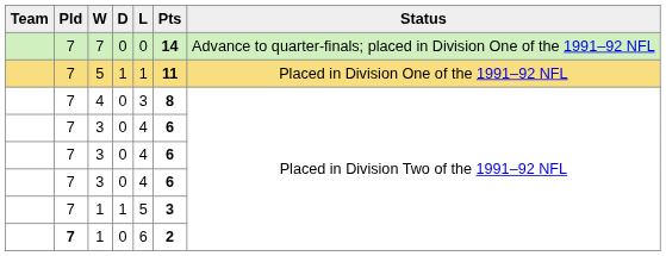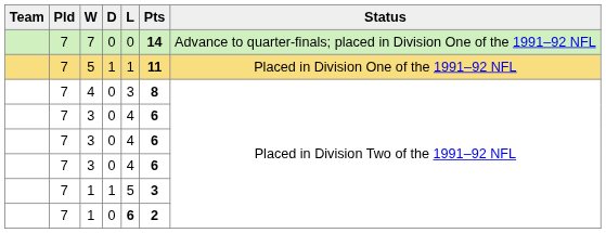 <table style=border-collapse:collapse border=1 cellspacing=0 cellpadding=5>
 <tr align=center bgcolor=#efefef>
 <th>Team</th>
 <th>Pld</th>
 <th>W</th>
 <th>D</th>
 <th>L</th>
 <th>Pts</th>
 <th>Status</th>
 </tr>
 <tr align=center style="background:#D0F0C0;">
 <td style="text-align:left;"> </td>
 <td>7</td>
 <td>7</td>
 <td>0</td>
 <td>0</td>
 <td><strong>14</strong></td>
 <td rowspan=1>Advance to quarter-finals; placed in Division One of the <a href='#'>1991–92 NFL</a></td>
 </tr>
 <tr align=center style="background:#F8DE7E;">
 <td style="text-align:left;"> </td>
 <td>7</td>
 <td>5</td>
 <td>1</td>
 <td>1</td>
 <td><strong>11</strong></td>
 <td rowspan=1>Placed in Division One of the <a href='#'>1991–92 NFL</a></td>
 </tr>
 <tr align=center style="background:#FFFFFF;">
 <td style="text-align:left;"> </td>
 <td>7</td>
 <td>4</td>
 <td>0</td>
 <td>3</td>
 <td><strong>8</strong></td>
 <td rowspan=6>Placed in Division Two of the <a href='#'>1991–92 NFL</a></td>
 </tr>
 <tr align=center style="background:#FFFFFF;">
 <td style="text-align:left;"> </td>
 <td>7</td>
 <td>3</td>
 <td>0</td>
 <td>4</td>
 <td><strong>6</strong></td>
 </tr>
 <tr align=center style="background:#FFFFFF;">
 <td style="text-align:left;"> </td>
 <td>7</td>
 <td>3</td>
 <td>0</td>
 <td>4</td>
 <td><strong>6</strong></td>
 </tr>
 <tr align=center style="background:#FFFFFF;">
 <td style="text-align:left;"> </td>
 <td>7</td>
 <td>3</td>
 <td>0</td>
 <td>4</td>
 <td><strong>6</strong></td>
 </tr>
 <tr align=center style="background:#FFFFFF;">
 <td style="text-align:left;"> </td>
 <td>7</td>
 <td>1</td>
 <td>1</td>
 <td>5</td>
 <td><strong>3</strong></td>
 </tr>
 <tr align=center style="background:#FFFFFF;">
 <td style="text-align:left;"> </td>
-<td><strong>7</strong></td>
+<td>7</td>
 <td>1</td>
 <td>0</td>
-<td>6</td>
+<td><strong>6</strong></td>
 <td><strong>2</strong></td>
 </tr>
 </table>
